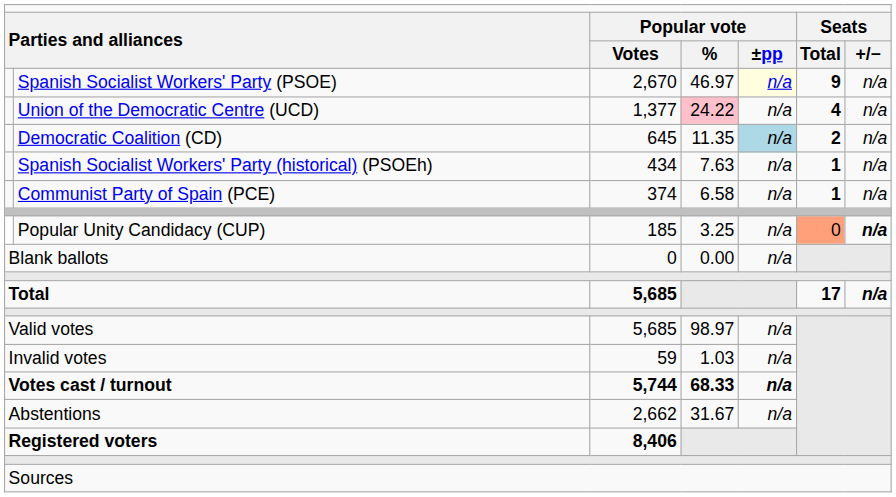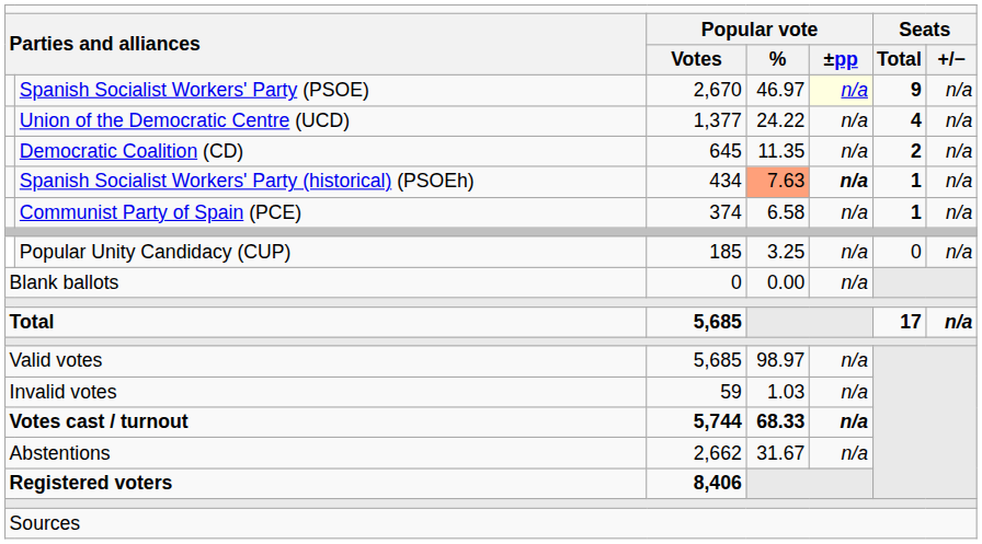 <table class="wikitable" style="text-align:right;">
 <tr>
 <td colspan="7"></td>
 </tr>
 <tr>
 <th style="text-align:left;" rowspan="2" colspan="2" width="525">Parties and alliances</th>
 <th colspan="3">Popular vote</th>
 <th colspan="2">Seats</th>
 </tr>
 <tr>
 <th width="75">Votes</th>
 <th width="45">%</th>
 <th width="45">±<a href='#'>pp</a></th>
 <th width="35">Total</th>
 <th width="35">+/−</th>
 </tr>
 <tr>
 <td width="1" style="color:inherit;background:"></td>
 <td align="left"><a href='#'>Spanish Socialist Workers' Party</a> (PSOE)</td>
 <td>2,670</td>
 <td>46.97</td>
 <td style="background: lightyellow;"><em><a href='#'>n/a</a></em></td>
 <td><strong>9</strong></td>
 <td><em>n/a</em></td>
 </tr>
 <tr>
 <td style="color:inherit;background:"></td>
 <td align="left"><a href='#'>Union of the Democratic Centre</a> (UCD)</td>
 <td>1,377</td>
-<td style="background: pink;">24.22</td>
+<td>24.22</td>
 <td><em>n/a</em></td>
 <td><strong>4</strong></td>
 <td><em>n/a</em></td>
 </tr>
 <tr>
 <td style="color:inherit;background:"></td>
 <td align="left"><a href='#'>Democratic Coalition</a> (CD)</td>
 <td>645</td>
 <td>11.35</td>
-<td style="background: lightblue;"><em>n/a</em></td>
+<td><em>n/a</em></td>
 <td><strong>2</strong></td>
 <td><em>n/a</em></td>
 </tr>
 <tr>
 <td style="color:inherit;background:"></td>
 <td align="left"><a href='#'>Spanish Socialist Workers' Party (historical)</a> (PSOEh)</td>
 <td>434</td>
-<td>7.63</td>
-<td><em>n/a</em></td>
+<td style="background: lightsalmon;">7.63</td>
+<td><strong><em>n/a</em></strong></td>
 <td><strong>1</strong></td>
 <td><em>n/a</em></td>
 </tr>
 <tr>
 <td style="color:inherit;background:"></td>
 <td align="left"><a href='#'>Communist Party of Spain</a> (PCE)</td>
 <td>374</td>
 <td>6.58</td>
 <td><em>n/a</em></td>
 <td><strong>1</strong></td>
 <td><em>n/a</em></td>
 </tr>
 <tr>
 <td colspan="7" bgcolor="#C0C0C0"></td>
 </tr>
 <tr>
 <td bgcolor="white"></td>
 <td align="left">Popular Unity Candidacy (CUP)</td>
 <td>185</td>
 <td>3.25</td>
 <td><em>n/a</em></td>
-<td style="background: lightsalmon;">0</td>
-<td><strong><em>n/a</em></strong></td>
+<td>0</td>
+<td><em>n/a</em></td>
 </tr>
 <tr>
 <td align="left" colspan="2">Blank ballots</td>
 <td>0</td>
 <td>0.00</td>
 <td><em>n/a</em></td>
 <td bgcolor="#E9E9E9" colspan="2"></td>
 </tr>
 <tr>
 <td colspan="7" bgcolor="#E9E9E9"></td>
 </tr>
 <tr style="font-weight:bold;">
 <td align="left" colspan="2">Total</td>
 <td>5,685</td>
 <td bgcolor="#E9E9E9" colspan="2"></td>
 <td>17</td>
 <td><em>n/a</em></td>
 </tr>
 <tr>
 <td colspan="7" bgcolor="#E9E9E9"></td>
 </tr>
 <tr>
 <td align="left" colspan="2">Valid votes</td>
 <td>5,685</td>
 <td>98.97</td>
 <td><em>n/a</em></td>
 <td bgcolor="#E9E9E9" colspan="2" rowspan="5"></td>
 </tr>
 <tr>
 <td align="left" colspan="2">Invalid votes</td>
 <td>59</td>
 <td>1.03</td>
 <td><em>n/a</em></td>
 </tr>
 <tr style="font-weight:bold;">
 <td align="left" colspan="2">Votes cast / turnout</td>
 <td>5,744</td>
 <td>68.33</td>
 <td><em>n/a</em></td>
 </tr>
 <tr>
 <td align="left" colspan="2">Abstentions</td>
 <td>2,662</td>
 <td>31.67</td>
 <td><em>n/a</em></td>
 </tr>
 <tr style="font-weight:bold;">
 <td align="left" colspan="2">Registered voters</td>
 <td>8,406</td>
 <td bgcolor="#E9E9E9" colspan="2"></td>
 </tr>
 <tr>
 <td colspan="7" bgcolor="#E9E9E9"></td>
 </tr>
 <tr>
 <td align="left" colspan="7">Sources</td>
 </tr>
 </table>
